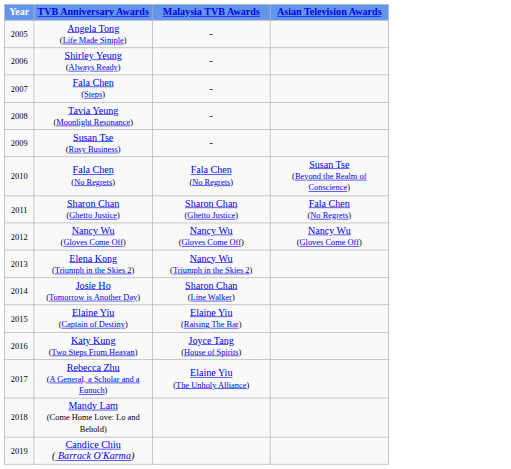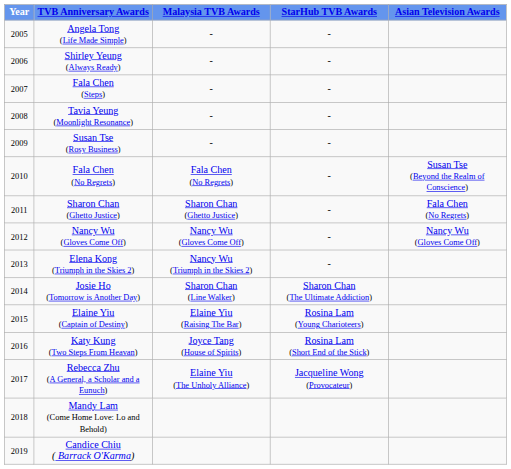 <table class="wikitable" style="text-align:center;">
 <tr>
 <th width=40 style="background:cornflowerblue; color:white;">Year</th>
 <th width=180 style="background:cornflowerblue; color:white;"><a href='#'>TVB Anniversary Awards</a></th>
 <th width=180 style="background:cornflowerblue; color:white;"><a href='#'>Malaysia TVB Awards</a></th>
+<th width=180 style="background:cornflowerblue; color:white;"><a href='#'>StarHub TVB Awards</a></th>
 <th width=180 style="background:cornflowerblue; color:white;"><a href='#'>Asian Television Awards</a></th>
 </tr>
 <tr>
 <td><small>2005</small></td>
 <td><a href='#'>Angela Tong</a><br><small>(<a href='#'>Life Made Simple</a>)</small></td>
+<td>-</td>
 <td>-</td>
 <td></td>
 </tr>
 <tr>
 <td><small>2006</small></td>
 <td><a href='#'>Shirley Yeung</a><br><small>(<a href='#'>Always Ready</a>)</small></td>
 <td>-</td>
+<td>-</td>
 <td></td>
 </tr>
 <tr>
 <td><small>2007</small></td>
 <td><a href='#'>Fala Chen</a><br><small>(<a href='#'>Steps</a>)</small></td>
+<td>-</td>
 <td>-</td>
 <td></td>
 </tr>
 <tr>
 <td><small>2008</small></td>
 <td><a href='#'>Tavia Yeung</a><br><small>(<a href='#'>Moonlight Resonance</a>)</small></td>
 <td>-</td>
+<td>-</td>
 <td></td>
 </tr>
 <tr>
 <td><small>2009</small></td>
 <td><a href='#'>Susan Tse</a><br><small>(<a href='#'>Rosy Business</a>)</small></td>
+<td>-</td>
 <td>-</td>
 <td></td>
 </tr>
 <tr>
 <td><small>2010</small></td>
 <td><a href='#'>Fala Chen</a><br><small>(<a href='#'>No Regrets</a>)</small></td>
 <td><a href='#'>Fala Chen</a><br><small>(<a href='#'>No Regrets</a>)</small></td>
+<td>-</td>
 <td><a href='#'>Susan Tse</a><br><small>(<a href='#'>Beyond the Realm of Conscience</a>)</small></td>
 </tr>
 <tr>
 <td><small>2011</small></td>
 <td><a href='#'>Sharon Chan</a><br><small>(<a href='#'>Ghetto Justice</a>)</small></td>
 <td><a href='#'>Sharon Chan</a><br><small>(<a href='#'>Ghetto Justice</a>)</small></td>
+<td>-</td>
 <td><a href='#'>Fala Chen</a><br><small>(<a href='#'>No Regrets</a>)</small></td>
 </tr>
 <tr>
 <td><small>2012</small></td>
 <td><a href='#'>Nancy Wu</a><br><small>(<a href='#'>Gloves Come Off</a>)</small></td>
 <td><a href='#'>Nancy Wu</a><br><small>(<a href='#'>Gloves Come Off</a>)</small></td>
+<td>-</td>
 <td><a href='#'>Nancy Wu</a><br><small>(<a href='#'>Gloves Come Off</a>)</small></td>
 </tr>
 <tr>
 <td><small>2013</small></td>
 <td><a href='#'>Elena Kong</a><br><small>(<a href='#'>Triumph in the Skies 2</a>)</small></td>
 <td><a href='#'>Nancy Wu</a><br><small>(<a href='#'>Triumph in the Skies 2</a>)</small></td>
+<td>-</td>
 <td></td>
 </tr>
 <tr>
 <td><small>2014</small></td>
 <td><a href='#'>Josie Ho</a><br><small>(<a href='#'>Tomorrow is Another Day</a>)</small></td>
 <td><a href='#'>Sharon Chan</a><br><small>(<a href='#'>Line Walker</a>)</small></td>
+<td><a href='#'>Sharon Chan</a><br><small>(<a href='#'>The Ultimate Addiction</a>)</small></td>
 <td></td>
 </tr>
 <tr>
 <td><small>2015</small></td>
 <td><a href='#'>Elaine Yiu</a><br><small>(<a href='#'>Captain of Destiny</a>)</small></td>
 <td><a href='#'>Elaine Yiu</a><br><small>(<a href='#'>Raising The Bar</a>)</small></td>
+<td><a href='#'>Rosina Lam</a><br><small>(<a href='#'>Young Charioteers</a>)</small></td>
 <td></td>
 </tr>
 <tr>
 <td><small>2016</small></td>
 <td><a href='#'>Katy Kung</a><br><small>(<a href='#'>Two Steps From Heavan</a>)</small></td>
 <td><a href='#'>Joyce Tang</a><br><small>(<a href='#'>House of Spirits</a>)</small></td>
+<td><a href='#'>Rosina Lam</a><br><small>(<a href='#'>Short End of the Stick</a>)</small></td>
 <td></td>
 </tr>
 <tr>
 <td><small>2017</small></td>
 <td><a href='#'>Rebecca Zhu</a> <br><small>(<a href='#'>A General, a Scholar and a Eunuch</a>)</small></td>
 <td><a href='#'>Elaine Yiu</a><br><small>(<a href='#'>The Unholy Alliance</a>)</small></td>
+<td><a href='#'>Jacqueline Wong</a><br><small>(<a href='#'>Provocateur</a>)</small></td>
 <td></td>
 </tr>
 <tr>
 <td><small>2018</small></td>
 <td><a href='#'>Mandy Lam</a> <br><small>(Come Home Love: Lo and Behold)</small></td>
+<td></td>
 <td></td>
 <td></td>
 </tr>
 <tr>
 <td><small>2019</small></td>
 <td><a href='#'>Candice Chiu</a> <br> <em>(<a href='#'> Barrack O'Karma</a>)</em></td>
 <td></td>
 <td></td>
+<td></td>
 </tr>
 </table>
